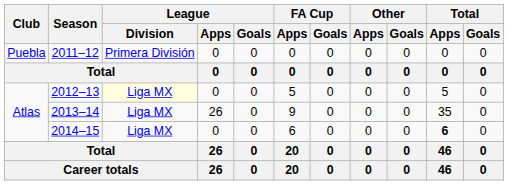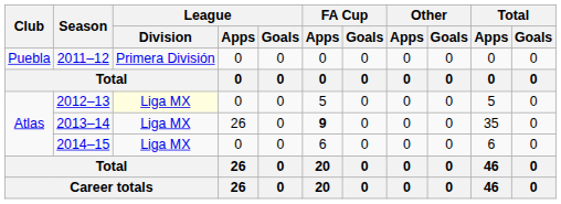 <table class="wikitable" style="text-align: center;">
 <tr>
 <th rowspan="2">Club</th>
 <th rowspan="2">Season</th>
 <th colspan="3">League</th>
 <th colspan="2">FA Cup</th>
 <th colspan="2">Other</th>
 <th colspan="2">Total</th>
 </tr>
 <tr>
 <th>Division</th>
 <th>Apps</th>
 <th>Goals</th>
 <th>Apps</th>
 <th>Goals</th>
 <th>Apps</th>
 <th>Goals</th>
 <th>Apps</th>
 <th>Goals</th>
 </tr>
 <tr>
 <td rowspan="1" valign="center"><a href='#'>Puebla</a></td>
 <td><a href='#'>2011–12</a></td>
 <td><a href='#'>Primera División</a></td>
 <td>0</td>
 <td>0</td>
 <td>0</td>
 <td>0</td>
 <td>0</td>
 <td>0</td>
 <td>0</td>
 <td>0</td>
 </tr>
 <tr>
 <th colspan="3">Total</th>
 <th>0</th>
 <th>0</th>
 <th>0</th>
 <th>0</th>
 <th>0</th>
 <th>0</th>
 <th>0</th>
 <th>0</th>
 </tr>
 <tr>
 <td rowspan="3" valign="center"><a href='#'>Atlas</a></td>
 <td><a href='#'>2012–13</a></td>
 <td style="background: lightyellow;"><a href='#'>Liga MX</a></td>
 <td>0</td>
 <td>0</td>
 <td>5</td>
 <td>0</td>
 <td>0</td>
 <td>0</td>
 <td>5</td>
 <td>0</td>
 </tr>
 <tr>
 <td><a href='#'>2013–14</a></td>
 <td><a href='#'>Liga MX</a></td>
 <td>26</td>
 <td>0</td>
-<td>9</td>
+<td><strong>9</strong></td>
 <td>0</td>
 <td>0</td>
 <td>0</td>
 <td>35</td>
 <td>0</td>
 </tr>
 <tr>
 <td><a href='#'>2014–15</a></td>
 <td><a href='#'>Liga MX</a></td>
 <td>0</td>
 <td>0</td>
 <td>6</td>
 <td>0</td>
 <td>0</td>
 <td>0</td>
-<td><strong>6</strong></td>
+<td>6</td>
 <td>0</td>
 </tr>
 <tr>
 <th colspan="3">Total</th>
 <th>26</th>
 <th>0</th>
 <th>20</th>
 <th>0</th>
 <th>0</th>
 <th>0</th>
 <th>46</th>
 <th>0</th>
 </tr>
 <tr>
 <th colspan="3">Career totals</th>
 <th>26</th>
 <th>0</th>
 <th>20</th>
 <th>0</th>
 <th>0</th>
 <th>0</th>
 <th>46</th>
 <th>0</th>
 </tr>
 </table>
